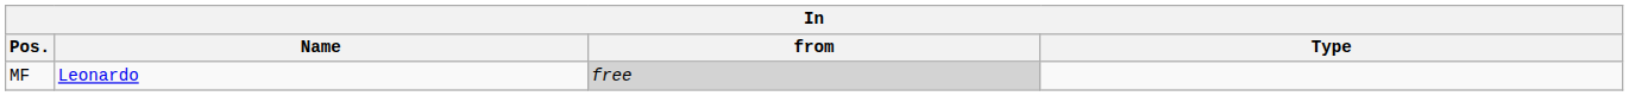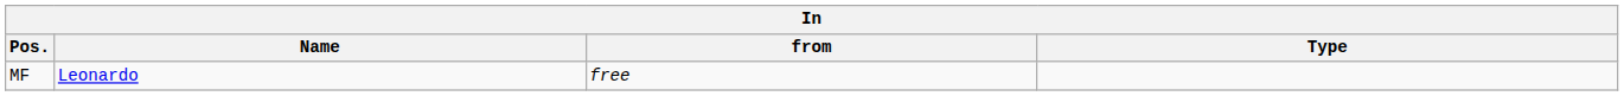 <table class="wikitable" style="font-size:90%;">
 <tr>
 <th colspan="4">In</th>
 </tr>
 <tr>
 <th width=3%>Pos.</th>
 <th width=33%>Name</th>
 <th width=28%>from</th>
 <th width=36%>Type</th>
 </tr>
 <tr>
 <td>MF</td>
 <td><a href='#'>Leonardo</a></td>
-<td style="background: lightgrey;"><em>free</em></td>
+<td><em>free</em></td>
 <td></td>
 </tr>
 </table>
